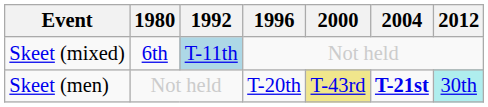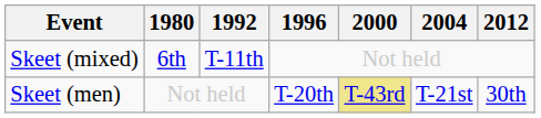 <table class="wikitable" style="text-align: center">
 <tr>
 <th>Event</th>
 <th>1980</th>
 <th>1992</th>
 <th>1996</th>
 <th>2000</th>
 <th>2004</th>
 <th>2012</th>
 </tr>
 <tr>
 <td align=left><a href='#'>Skeet</a> (mixed)</td>
 <td><a href='#'>6th</a></td>
-<td style="background: lightblue;"><a href='#'>T-11th</a></td>
+<td><a href='#'>T-11th</a></td>
 <td colspan=4 style="color: #cccccc">Not held</td>
 </tr>
 <tr>
 <td align=left><a href='#'>Skeet</a> (men)</td>
 <td colspan=2 style="color: #cccccc">Not held</td>
 <td><a href='#'>T-20th</a></td>
 <td style="background: khaki;"><a href='#'>T-43rd</a></td>
-<td><strong><a href='#'>T-21st</a></strong></td>
-<td style="background: paleturquoise;"><a href='#'>30th</a></td>
+<td><a href='#'>T-21st</a></td>
+<td><a href='#'>30th</a></td>
 </tr>
 </table>
